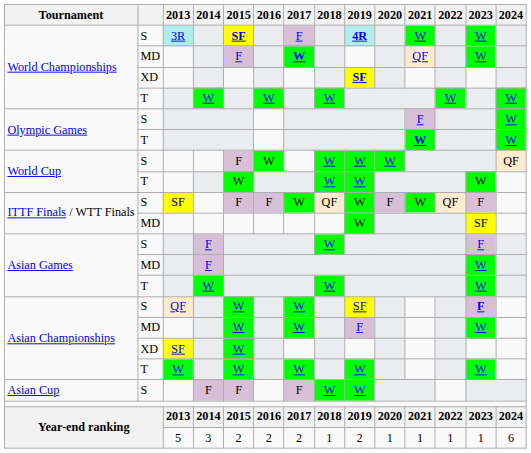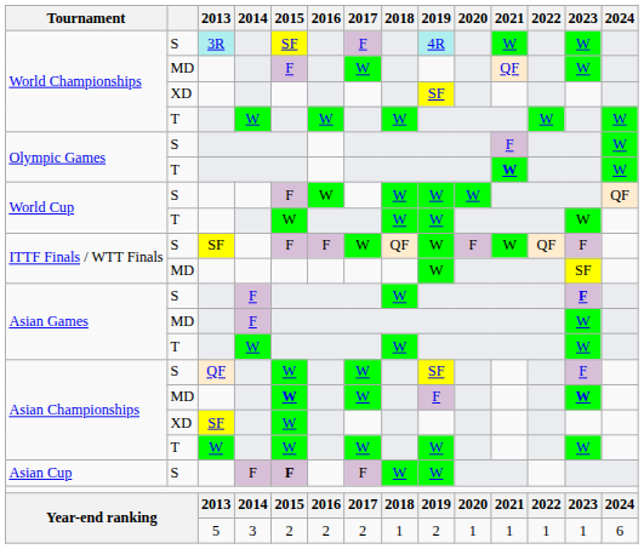 <table class="wikitable sortable" style="text-align:center; font-size: small;">
 <tr>
 <th class="unsortable">Tournament</th>
 <th></th>
 <th class="unsortable">2013</th>
 <th class="unsortable">2014</th>
 <th class="unsortable">2015</th>
 <th class="unsortable">2016</th>
 <th class="unsortable">2017</th>
 <th class="unsortable">2018</th>
 <th class="unsortable">2019</th>
 <th class="unsortable">2020</th>
 <th class="unsortable">2021</th>
 <th class="unsortable">2022</th>
 <th class="unsortable">2023</th>
 <th class="unsortable">2024</th>
 </tr>
 <tr>
 <td rowspan="4" style="text-align: left;"><a href='#'>World Championships</a></td>
 <td data-sort-value="1" style="text-align: left;">S</td>
 <td style="background: #afeeee;"><a href='#'>3R</a></td>
 <td style="background: #eaecf0;"></td>
-<td style="background: yellow;"><strong><a href='#'>SF</a></strong></td>
+<td style="background: yellow;"><a href='#'>SF</a></td>
 <td style="background: #eaecf0;"></td>
 <td style="background: thistle;"><a href='#'>F</a></td>
 <td style="background: #eaecf0;"></td>
-<td style="background: #afeeee;"><strong><a href='#'>4R</a></strong></td>
+<td style="background: #afeeee;"><a href='#'>4R</a></td>
 <td style="background: #eaecf0;"></td>
 <td style="background: lime;"><a href='#'>W</a></td>
 <td style="background: #eaecf0;"></td>
 <td style="background: lime;"><a href='#'>W</a></td>
 <td style="background: #eaecf0;"></td>
 </tr>
 <tr>
 <td data-sort-value="2" style="text-align: left;">MD</td>
 <td></td>
 <td style="background: #eaecf0;"></td>
 <td style="background: thistle;"><a href='#'>F</a></td>
 <td style="background: #eaecf0;"></td>
-<td style="background: lime;"><strong><a href='#'>W</a></strong></td>
+<td style="background: lime;"><a href='#'>W</a></td>
 <td style="background: #eaecf0;"></td>
 <td></td>
 <td style="background: #eaecf0;"></td>
 <td style="background: #ffebcd;"><a href='#'>QF</a></td>
 <td style="background: #eaecf0;"></td>
 <td style="background: lime;"><a href='#'>W</a></td>
 <td style="background: #eaecf0;"></td>
 </tr>
 <tr>
 <td data-sort-value="3" style="text-align: left;">XD</td>
 <td></td>
 <td style="background: #eaecf0;"></td>
 <td></td>
 <td style="background: #eaecf0;"></td>
 <td></td>
 <td style="background: #eaecf0;"></td>
-<td style="background: yellow;"><strong><a href='#'>SF</a></strong></td>
+<td style="background: yellow;"><a href='#'>SF</a></td>
 <td style="background: #eaecf0;"></td>
 <td></td>
 <td style="background: #eaecf0;"></td>
 <td></td>
 <td style="background: #eaecf0;"></td>
 </tr>
 <tr>
 <td data-sort-value="4" style="text-align: left;">T</td>
 <td style="background: #eaecf0;"></td>
 <td style="background: lime;"><a href='#'>W</a></td>
 <td style="background: #eaecf0;"></td>
 <td style="background: lime;"><a href='#'>W</a></td>
 <td style="background: #eaecf0;"></td>
 <td style="background: lime;"><a href='#'>W</a></td>
 <td colspan="3" style="background: #eaecf0;"></td>
 <td style="background: lime;"><a href='#'>W</a></td>
 <td style="background: #eaecf0;"></td>
 <td style="background: lime;"><a href='#'>W</a></td>
 </tr>
 <tr>
 <td rowspan="2" style="text-align: left;"><a href='#'>Olympic Games</a></td>
 <td data-sort-value="1" style="text-align: left;">S</td>
 <td colspan="3" style="background: #eaecf0;"></td>
 <td></td>
 <td colspan="4" style="background: #eaecf0;"></td>
 <td style="background: thistle;"><a href='#'>F</a></td>
 <td colspan="2" style="background: #eaecf0;"></td>
 <td style="background: lime;"><a href='#'>W</a></td>
 </tr>
 <tr>
 <td data-sort-value="4" style="text-align: left;">T</td>
 <td colspan="3" style="background: #eaecf0;"></td>
 <td></td>
 <td colspan="4" style="background: #eaecf0;"></td>
 <td style="background: lime;"><strong><a href='#'>W</a></strong></td>
 <td colspan="2" style="background: #eaecf0;"></td>
 <td style="background: lime;"><a href='#'>W</a></td>
 </tr>
 <tr>
 <td rowspan="2" style="text-align: left;"><a href='#'>World Cup</a></td>
 <td data-sort-value="1" style="text-align: left;">S</td>
 <td></td>
 <td></td>
 <td style="background: thistle;">F</td>
 <td style="background: lime;">W</td>
 <td></td>
 <td style="background: lime;"><a href='#'>W</a></td>
 <td style="background: lime;"><a href='#'>W</a></td>
 <td style="background: lime;"><a href='#'>W</a></td>
 <td colspan="3" style="background: #eaecf0;"></td>
 <td style="background: #ffebcd;">QF</td>
 </tr>
 <tr>
 <td data-sort-value="4" style="text-align: left;">T</td>
 <td></td>
 <td style="background: #eaecf0;"></td>
 <td style="background: lime;">W</td>
 <td colspan="2" style="background: #eaecf0;"></td>
 <td style="background: lime;"><a href='#'>W</a></td>
 <td style="background: lime;"><a href='#'>W</a></td>
 <td colspan="3" style="background: #eaecf0;"></td>
 <td style="background: lime;">W</td>
 <td></td>
 </tr>
 <tr>
 <td rowspan="2" style="text-align: left;"><a href='#'>ITTF Finals</a> / WTT Finals</td>
 <td data-sort-value="1" style="text-align: left;">S</td>
 <td style="background: yellow;">SF</td>
 <td></td>
 <td style="background: thistle;">F</td>
 <td style="background: thistle;">F</td>
 <td style="background: lime;">W</td>
 <td style="background: #ffebcd;">QF</td>
 <td style="background: lime;">W</td>
 <td style="background: thistle;">F</td>
 <td style="background: lime;">W</td>
 <td style="background: #ffebcd;">QF</td>
 <td style="background: thistle;">F</td>
 <td></td>
 </tr>
 <tr>
 <td data-sort-value="2" style="text-align: left;">MD</td>
 <td></td>
 <td></td>
 <td></td>
 <td></td>
 <td></td>
 <td></td>
 <td style="background: lime;">W</td>
 <td colspan="3" style="background: #eaecf0;"></td>
 <td style="background: yellow;">SF</td>
 <td></td>
 </tr>
 <tr>
 <td rowspan="3" style="text-align: left;"><a href='#'>Asian Games</a></td>
 <td data-sort-value="1" style="text-align: left;">S</td>
 <td style="background: #eaecf0;"></td>
 <td style="background: thistle;"><a href='#'>F</a></td>
 <td colspan="3" style="background: #eaecf0;"></td>
 <td style="background: lime;"><a href='#'>W</a></td>
 <td colspan="4" style="background: #eaecf0;"></td>
-<td style="background: thistle;"><a href='#'>F</a></td>
+<td style="background: thistle;"><strong><a href='#'>F</a></strong></td>
 <td style="background: #eaecf0;"></td>
 </tr>
 <tr>
 <td data-sort-value="2" style="text-align: left;">MD</td>
 <td style="background: #eaecf0;"></td>
 <td style="background: thistle;"><a href='#'>F</a></td>
 <td colspan="8" style="background: #eaecf0;"></td>
 <td style="background: lime;"><a href='#'>W</a></td>
 <td style="background: #eaecf0;"></td>
 </tr>
 <tr>
 <td data-sort-value="4" style="text-align: left;">T</td>
 <td style="background: #eaecf0;"></td>
 <td style="background: lime;"><a href='#'>W</a></td>
 <td colspan="3" style="background: #eaecf0;"></td>
 <td style="background: lime;"><a href='#'>W</a></td>
 <td colspan="4" style="background: #eaecf0;"></td>
 <td style="background: lime;"><a href='#'>W</a></td>
 <td style="background: #eaecf0;"></td>
 </tr>
 <tr>
 <td rowspan="4" style="text-align: left;"><a href='#'>Asian Championships</a></td>
 <td data-sort-value="1" style="text-align: left;">S</td>
 <td style="background: #ffebcd;"><a href='#'>QF</a></td>
 <td style="background: #eaecf0;"></td>
 <td style="background: lime;"><a href='#'>W</a></td>
 <td style="background: #eaecf0;"></td>
 <td style="background: lime;"><a href='#'>W</a></td>
 <td style="background: #eaecf0;"></td>
 <td style="background: yellow;"><a href='#'>SF</a></td>
 <td style="background: #eaecf0;"></td>
 <td></td>
 <td style="background: #eaecf0;"></td>
-<td style="background: thistle;"><strong><a href='#'>F</a></strong></td>
+<td style="background: thistle;"><a href='#'>F</a></td>
 <td></td>
 </tr>
 <tr>
 <td data-sort-value="2" style="text-align: left;">MD</td>
 <td></td>
 <td style="background: #eaecf0;"></td>
-<td style="background: lime;"><a href='#'>W</a></td>
+<td style="background: lime;"><strong><a href='#'>W</a></strong></td>
 <td style="background: #eaecf0;"></td>
 <td style="background: lime;"><a href='#'>W</a></td>
 <td style="background: #eaecf0;"></td>
 <td style="background: thistle;"><a href='#'>F</a></td>
 <td style="background: #eaecf0;"></td>
 <td></td>
 <td style="background: #eaecf0;"></td>
-<td style="background: lime;"><a href='#'>W</a></td>
+<td style="background: lime;"><strong><a href='#'>W</a></strong></td>
 <td></td>
 </tr>
 <tr>
 <td data-sort-value="3" style="text-align: left;">XD</td>
 <td style="background: yellow;"><a href='#'>SF</a></td>
 <td style="background: #eaecf0;"></td>
 <td style="background: lime;"><a href='#'>W</a></td>
 <td style="background: #eaecf0;"></td>
 <td></td>
 <td style="background: #eaecf0;"></td>
 <td></td>
 <td style="background: #eaecf0;"></td>
 <td></td>
 <td style="background: #eaecf0;"></td>
 <td></td>
 <td></td>
 </tr>
 <tr>
 <td data-sort-value="4" style="text-align: left;">T</td>
 <td style="background: lime;"><a href='#'>W</a></td>
 <td style="background: #eaecf0;"></td>
 <td style="background: lime;"><a href='#'>W</a></td>
 <td style="background: #eaecf0;"></td>
 <td style="background: lime;"><a href='#'>W</a></td>
 <td style="background: #eaecf0;"></td>
 <td style="background: lime;"><a href='#'>W</a></td>
 <td style="background: #eaecf0;"></td>
 <td></td>
 <td style="background: #eaecf0;"></td>
 <td style="background: lime;"><a href='#'>W</a></td>
 <td></td>
 </tr>
 <tr>
 <td style="text-align: left;"><a href='#'>Asian Cup</a></td>
 <td data-sort-value="1" style="text-align: left;">S</td>
 <td></td>
 <td style="background: thistle;">F</td>
-<td style="background: thistle;">F</td>
+<td style="background: thistle;"><strong>F</strong></td>
 <td></td>
 <td style="background: thistle;">F</td>
 <td style="background: lime;"><a href='#'>W</a></td>
 <td style="background: lime;"><a href='#'>W</a></td>
 <td colspan="2" style="background: #eaecf0;"></td>
 <td></td>
 <td colspan="2" style="background: #eaecf0;"></td>
 </tr>
 <tr class=sortbottom>
 <td colspan="14"></td>
 </tr>
 <tr class=sortbottom>
 <th colspan="2" rowspan="2">Year-end ranking</th>
 <th>2013</th>
 <th>2014</th>
 <th>2015</th>
 <th>2016</th>
 <th>2017</th>
 <th>2018</th>
 <th>2019</th>
 <th>2020</th>
 <th>2021</th>
 <th>2022</th>
 <th>2023</th>
 <th>2024</th>
 </tr>
 <tr class=sortbottom style="text-align: center;">
 <td>5</td>
 <td>3</td>
 <td>2</td>
 <td>2</td>
 <td>2</td>
 <td>1</td>
 <td>2</td>
 <td>1</td>
 <td>1</td>
 <td>1</td>
 <td>1</td>
 <td>6</td>
 </tr>
 </table>
